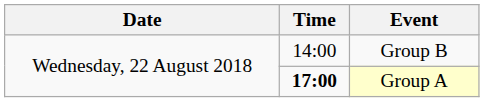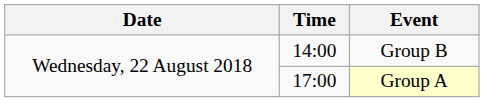 <table class="wikitable" style="text-align:center;">
 <tr>
 <th width="220">Date</th>
 <th width="50">Time</th>
 <th width="100">Event</th>
 </tr>
 <tr>
 <td rowspan="2">Wednesday, 22 August 2018</td>
 <td>14:00</td>
 <td>Group B</td>
 </tr>
 <tr>
-<td><strong>17:00</strong></td>
+<td>17:00</td>
 <td bgcolor="#ffffcc">Group A</td>
 </tr>
 </table>
